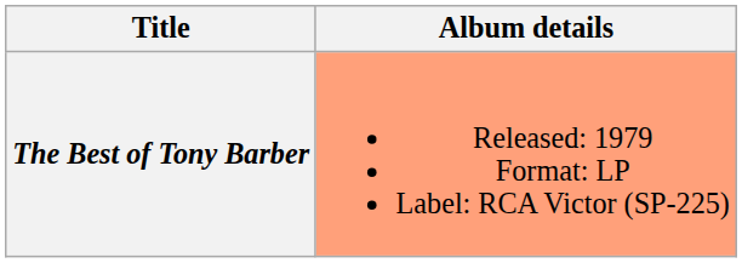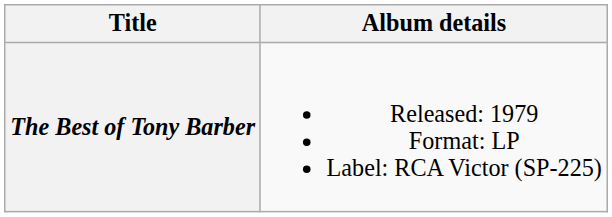 <table class="wikitable plainrowheaders" style="text-align:center;" border="1">
 <tr>
 <th>Title</th>
 <th>Album details</th>
 </tr>
 <tr>
 <th scope="row"><em>The Best of Tony Barber</em></th>
-<td style="background: lightsalmon;"><br><ul><li>Released: 1979</li><li>Format: LP</li><li>Label: RCA Victor (SP-225)</li></ul></td>
+<td><br><ul><li>Released: 1979</li><li>Format: LP</li><li>Label: RCA Victor (SP-225)</li></ul></td>
 </tr>
 </table>
